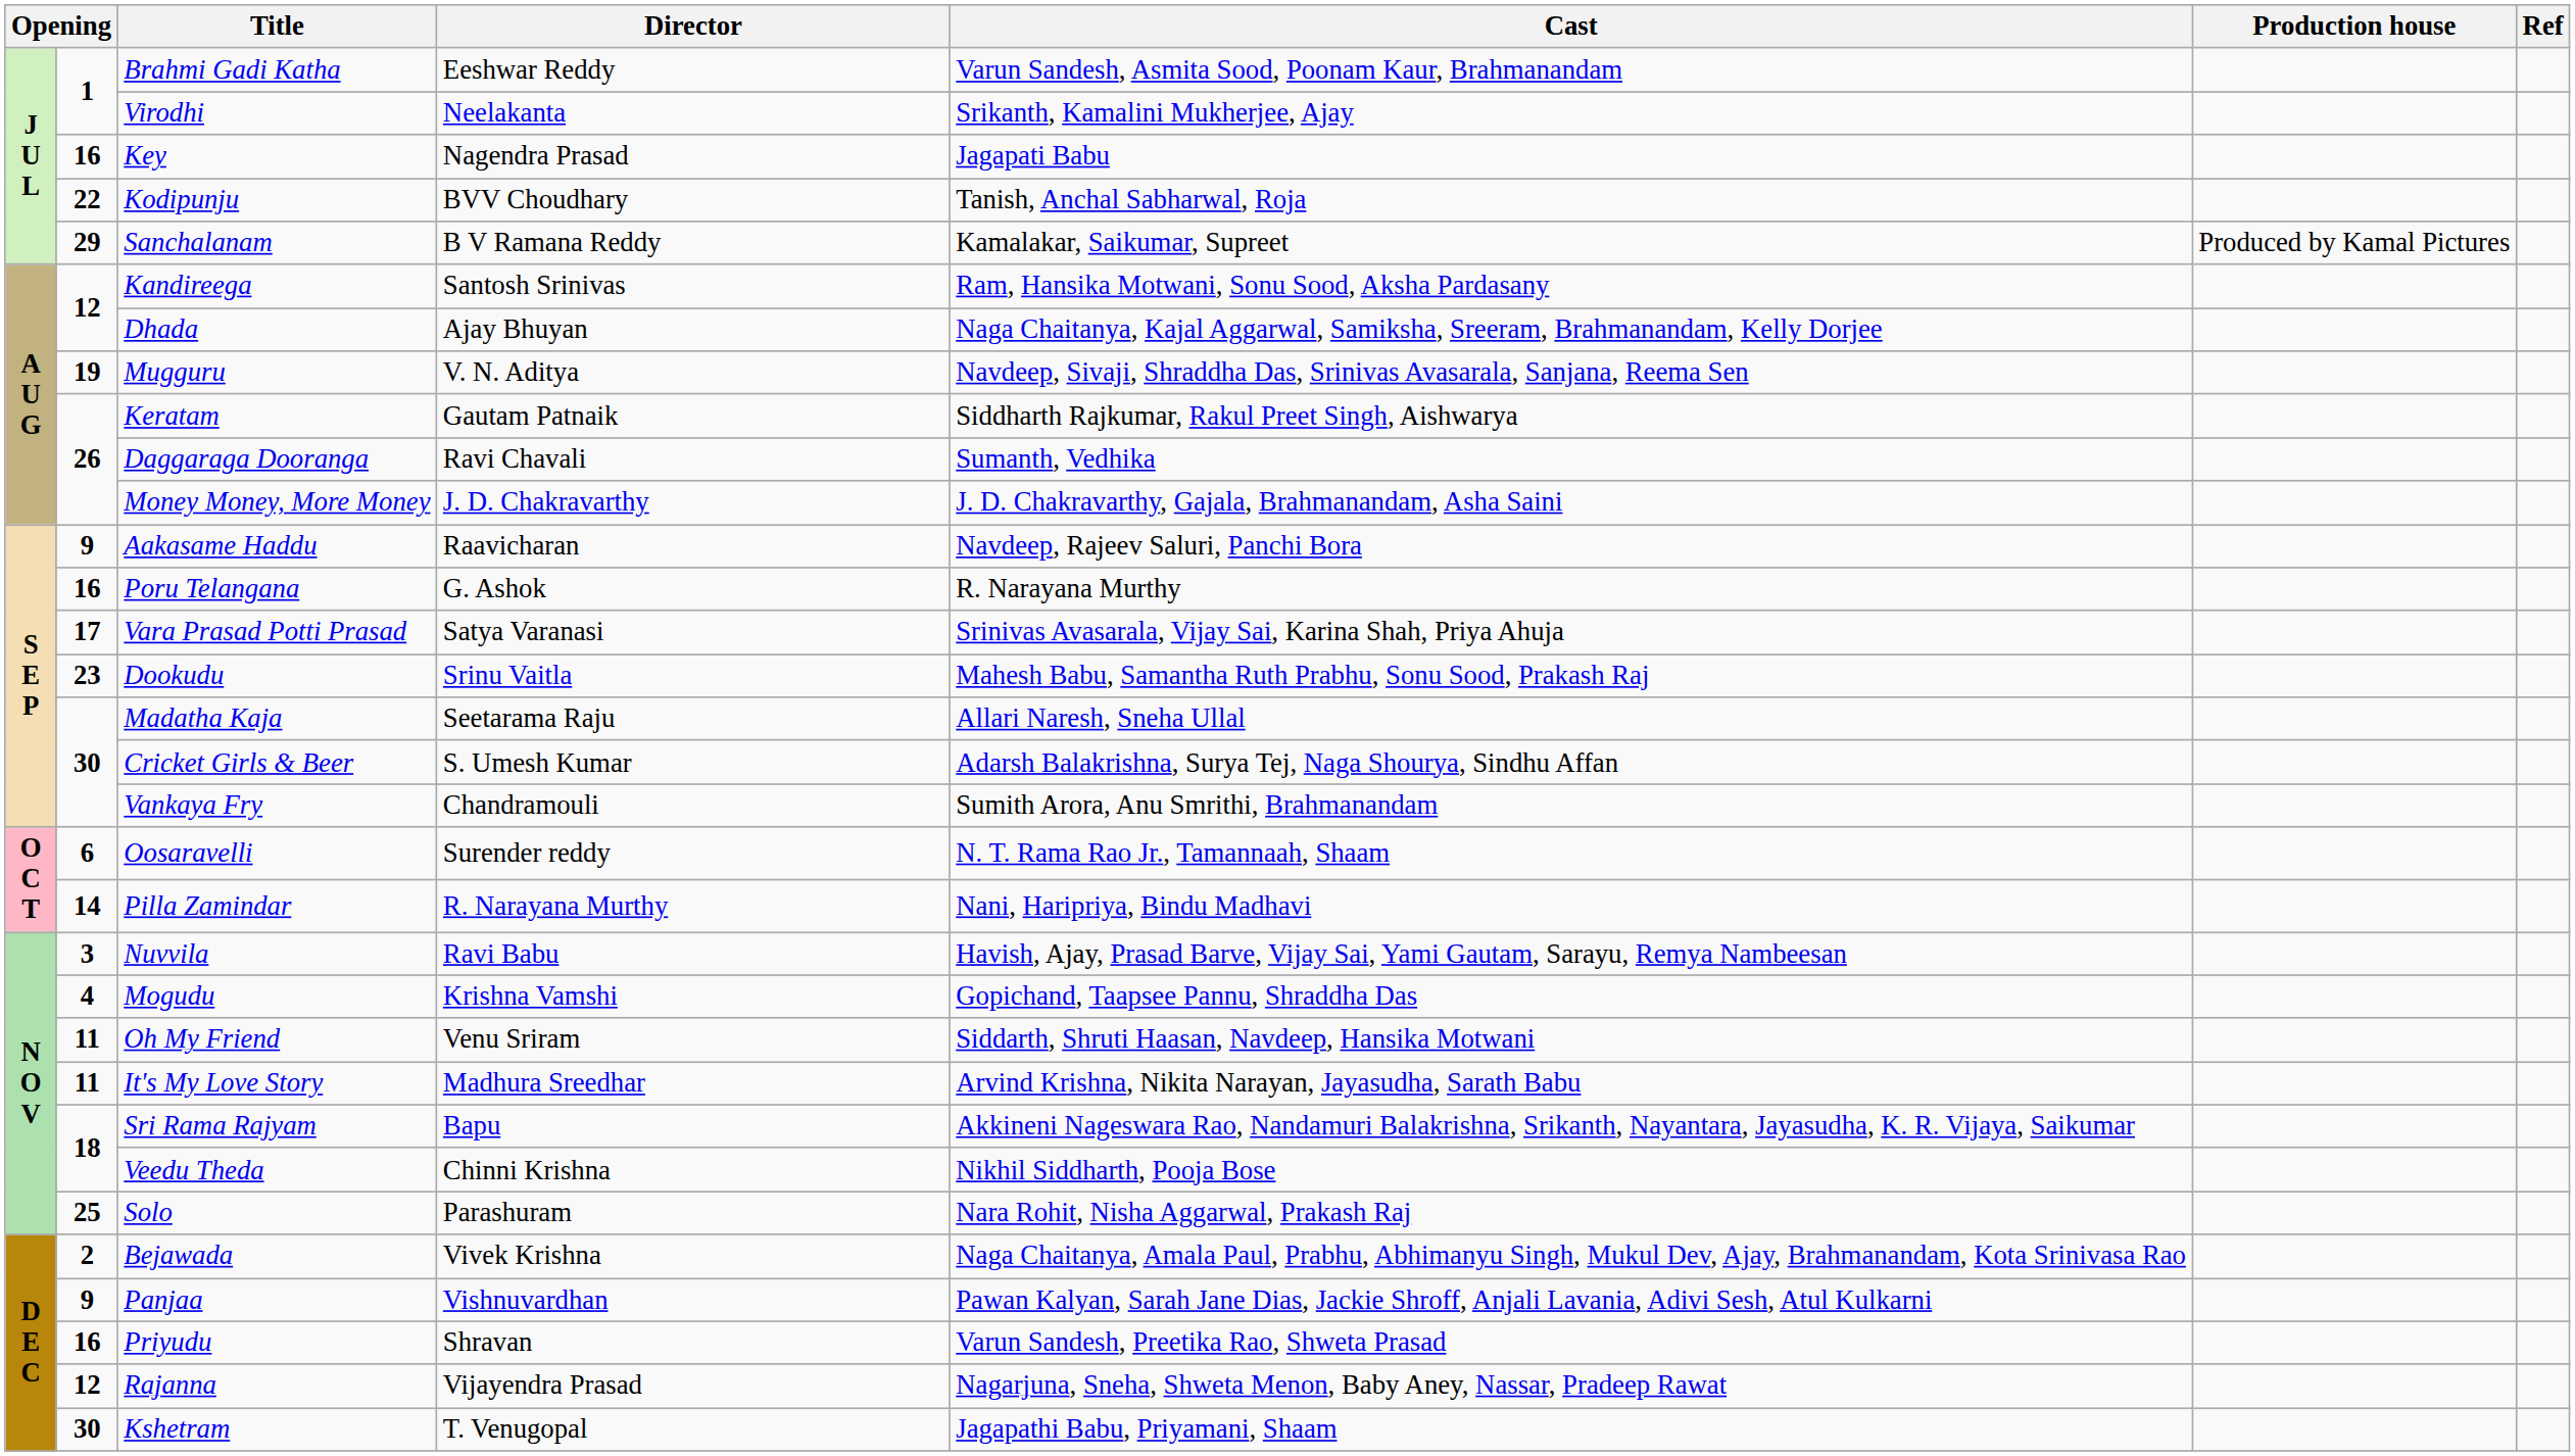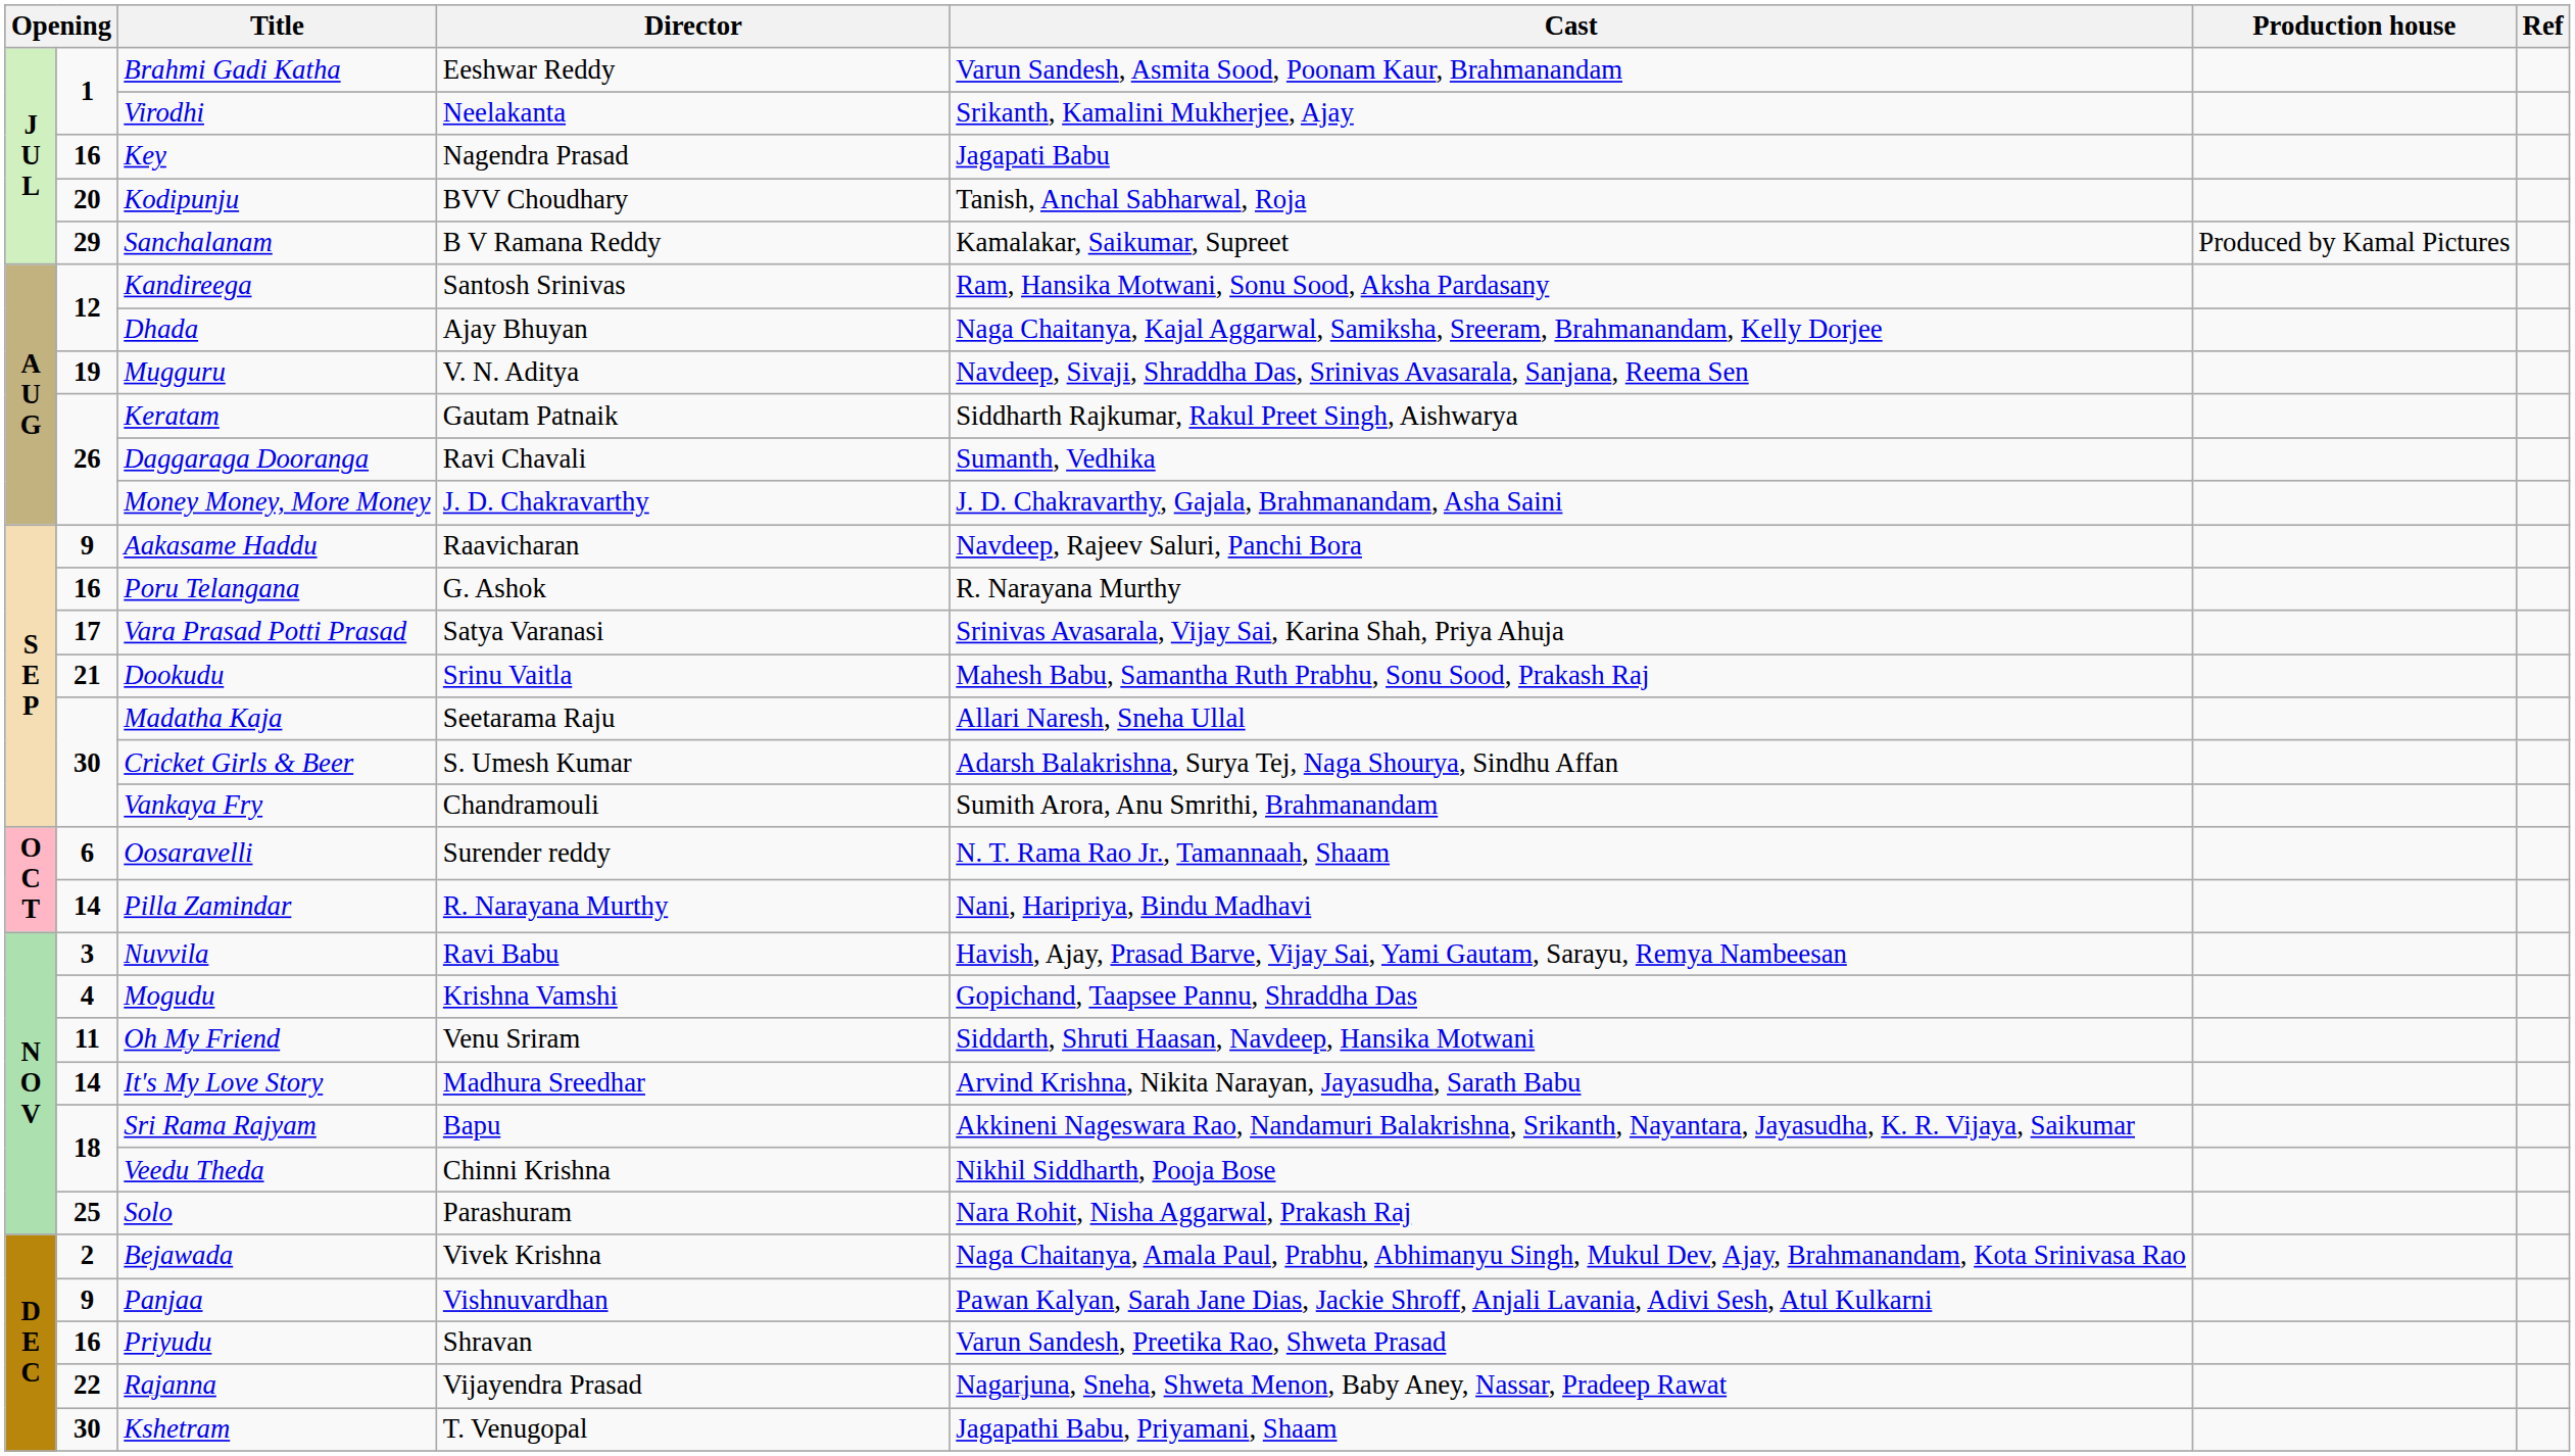 <table class="wikitable sortable">
 <tr style="background:#blue; text-align:center;">
 <th colspan="2">Opening</th>
 <th>Title</th>
 <th style="width:20%;"><strong>Director</strong></th>
 <th>Cast</th>
 <th>Production house</th>
 <th>Ref</th>
 </tr>
 <tr July!>
 <td rowspan="5" style="text-align:center; background:#d0f0c0; textcolor:#000;"><strong>J<br>U<br>L</strong></td>
 <td rowspan="2" style="text-align:center;"><strong>1</strong></td>
 <td><em><a href='#'>Brahmi Gadi Katha</a></em></td>
 <td>Eeshwar Reddy</td>
 <td><a href='#'>Varun Sandesh</a>, <a href='#'>Asmita Sood</a>, <a href='#'>Poonam Kaur</a>, <a href='#'>Brahmanandam</a></td>
 <td></td>
 <td></td>
 </tr>
 <tr>
 <td><em><a href='#'>Virodhi</a></em></td>
 <td><a href='#'>Neelakanta</a></td>
 <td><a href='#'>Srikanth</a>, <a href='#'>Kamalini Mukherjee</a>, <a href='#'>Ajay</a></td>
 <td></td>
 <td></td>
 </tr>
 <tr>
 <td style="text-align:center;"><strong>16</strong></td>
 <td><em><a href='#'>Key</a></em></td>
 <td>Nagendra Prasad</td>
 <td><a href='#'>Jagapati Babu</a></td>
 <td></td>
 <td></td>
 </tr>
 <tr>
-<td style="text-align:center;"><strong>22</strong></td>
+<td style="text-align:center;"><strong>20</strong></td>
 <td><em><a href='#'>Kodipunju</a></em></td>
 <td>BVV Choudhary</td>
 <td>Tanish, <a href='#'>Anchal Sabharwal</a>, <a href='#'>Roja</a></td>
 <td></td>
 <td></td>
 </tr>
 <tr>
 <td style="text-align:center;"><strong>29</strong></td>
 <td><em><a href='#'>Sanchalanam</a></em></td>
 <td>B V Ramana Reddy</td>
 <td>Kamalakar, <a href='#'>Saikumar</a>, Supreet</td>
 <td>Produced by Kamal Pictures</td>
 <td></td>
 </tr>
 <tr August!>
 <td rowspan="6" style="text-align:center; background:#c2b280; textcolor:#000;"><strong>A<br>U<br>G</strong></td>
 <td rowspan="2" style="text-align:center;"><strong>12</strong></td>
 <td><em><a href='#'>Kandireega</a></em></td>
 <td>Santosh Srinivas</td>
 <td><a href='#'>Ram</a>, <a href='#'>Hansika Motwani</a>, <a href='#'>Sonu Sood</a>, <a href='#'>Aksha Pardasany</a></td>
 <td></td>
 <td></td>
 </tr>
 <tr>
 <td><em><a href='#'>Dhada</a></em></td>
 <td>Ajay Bhuyan</td>
 <td><a href='#'>Naga Chaitanya</a>, <a href='#'>Kajal Aggarwal</a>, <a href='#'>Samiksha</a>, <a href='#'>Sreeram</a>, <a href='#'>Brahmanandam</a>, <a href='#'>Kelly Dorjee</a></td>
 <td></td>
 <td></td>
 </tr>
 <tr>
 <td style="text-align:center;"><strong>19</strong></td>
 <td><em><a href='#'>Mugguru</a></em></td>
 <td>V. N. Aditya</td>
 <td><a href='#'>Navdeep</a>, <a href='#'>Sivaji</a>, <a href='#'>Shraddha Das</a>, <a href='#'>Srinivas Avasarala</a>, <a href='#'>Sanjana</a>, <a href='#'>Reema Sen</a></td>
 <td></td>
 <td></td>
 </tr>
 <tr>
 <td rowspan="3" style="text-align:center;"><strong>26</strong></td>
 <td><em><a href='#'>Keratam</a></em></td>
 <td>Gautam Patnaik</td>
 <td>Siddharth Rajkumar, <a href='#'>Rakul Preet Singh</a>, Aishwarya</td>
 <td></td>
 <td></td>
 </tr>
 <tr>
 <td><em><a href='#'>Daggaraga Dooranga</a></em></td>
 <td>Ravi Chavali</td>
 <td><a href='#'>Sumanth</a>, <a href='#'>Vedhika</a></td>
 <td></td>
 <td></td>
 </tr>
 <tr>
 <td><em><a href='#'>Money Money, More Money</a></em></td>
 <td><a href='#'>J. D. Chakravarthy</a></td>
 <td><a href='#'>J. D. Chakravarthy</a>, <a href='#'>Gajala</a>, <a href='#'>Brahmanandam</a>, <a href='#'>Asha Saini</a></td>
 <td></td>
 <td></td>
 </tr>
 <tr September!>
 <td rowspan="7" style="text-align:center; background:wheat; textcolor:#000;"><strong>S<br>E<br>P</strong></td>
 <td style="text-align:center;"><strong>9</strong></td>
 <td><em><a href='#'>Aakasame Haddu</a></em></td>
 <td>Raavicharan</td>
 <td><a href='#'>Navdeep</a>, Rajeev Saluri, <a href='#'>Panchi Bora</a></td>
 <td></td>
 <td></td>
 </tr>
 <tr>
 <td style="text-align:center;"><strong>16</strong></td>
 <td><em><a href='#'>Poru Telangana</a></em></td>
 <td>G. Ashok</td>
 <td>R. Narayana Murthy</td>
 <td></td>
 <td></td>
 </tr>
 <tr>
 <td style="text-align:center;"><strong>17</strong></td>
 <td><em><a href='#'>Vara Prasad Potti Prasad</a></em></td>
 <td>Satya Varanasi</td>
 <td><a href='#'>Srinivas Avasarala</a>, <a href='#'>Vijay Sai</a>, Karina Shah, Priya Ahuja</td>
 <td></td>
 <td></td>
 </tr>
 <tr>
-<td style="text-align:center;"><strong>23</strong></td>
+<td style="text-align:center;"><strong>21</strong></td>
 <td><em><a href='#'>Dookudu</a></em></td>
 <td><a href='#'>Srinu Vaitla</a></td>
 <td><a href='#'>Mahesh Babu</a>, <a href='#'>Samantha Ruth Prabhu</a>, <a href='#'>Sonu Sood</a>, <a href='#'>Prakash Raj</a></td>
 <td></td>
 <td></td>
 </tr>
 <tr>
 <td rowspan="3" style="text-align:center;"><strong>30</strong></td>
 <td><em><a href='#'>Madatha Kaja</a></em></td>
 <td>Seetarama Raju</td>
 <td><a href='#'>Allari Naresh</a>, <a href='#'>Sneha Ullal</a></td>
 <td></td>
 <td></td>
 </tr>
 <tr>
 <td><em><a href='#'>Cricket Girls & Beer</a></em></td>
 <td>S. Umesh Kumar</td>
 <td><a href='#'>Adarsh Balakrishna</a>, Surya Tej, <a href='#'>Naga Shourya</a>, Sindhu Affan</td>
 <td></td>
 <td></td>
 </tr>
 <tr>
 <td><em><a href='#'>Vankaya Fry</a></em></td>
 <td>Chandramouli</td>
 <td>Sumith Arora, Anu Smrithi, <a href='#'>Brahmanandam</a></td>
 <td></td>
 <td></td>
 </tr>
 <tr October!>
 <td rowspan="2" style="text-align:center; background:#ffb7c5; textcolor:#000;"><strong>O<br>C<br>T</strong></td>
 <td style="text-align:center;"><strong>6</strong></td>
 <td><em><a href='#'>Oosaravelli</a></em></td>
 <td>Surender reddy</td>
 <td><a href='#'>N. T. Rama Rao Jr.</a>, <a href='#'>Tamannaah</a>, <a href='#'>Shaam</a></td>
 <td></td>
 <td></td>
 </tr>
 <tr>
 <td style="text-align:center;"><strong>14</strong></td>
 <td><em><a href='#'>Pilla Zamindar</a></em></td>
 <td><a href='#'>R. Narayana Murthy</a></td>
 <td><a href='#'>Nani</a>, <a href='#'>Haripriya</a>, <a href='#'>Bindu Madhavi</a></td>
 <td></td>
 <td></td>
 </tr>
 <tr November!>
 <td rowspan="7" style="text-align:center; background:#ace1af; textcolor:#000;"><strong>N<br>O<br>V</strong></td>
 <td style="text-align:center;"><strong>3</strong></td>
 <td><em><a href='#'>Nuvvila</a></em></td>
 <td><a href='#'>Ravi Babu</a></td>
 <td><a href='#'>Havish</a>, Ajay, <a href='#'>Prasad Barve</a>, <a href='#'>Vijay Sai</a>, <a href='#'>Yami Gautam</a>, Sarayu, <a href='#'>Remya Nambeesan</a></td>
 <td></td>
 <td></td>
 </tr>
 <tr>
 <td style="text-align:center;"><strong>4</strong></td>
 <td><em> <a href='#'>Mogudu</a></em></td>
 <td><a href='#'>Krishna Vamshi</a></td>
 <td><a href='#'>Gopichand</a>, <a href='#'>Taapsee Pannu</a>, <a href='#'>Shraddha Das</a></td>
 <td></td>
 <td></td>
 </tr>
 <tr>
 <td style="text-align:center;"><strong>11</strong></td>
 <td><em><a href='#'>Oh My Friend</a></em></td>
 <td>Venu Sriram</td>
 <td><a href='#'>Siddarth</a>, <a href='#'>Shruti Haasan</a>, <a href='#'>Navdeep</a>, <a href='#'>Hansika Motwani</a></td>
 <td></td>
 <td></td>
 </tr>
 <tr>
-<td style="text-align:center;"><strong>11</strong></td>
+<td style="text-align:center;"><strong>14</strong></td>
 <td><em><a href='#'>It's My Love Story</a></em></td>
 <td><a href='#'>Madhura Sreedhar</a></td>
 <td><a href='#'>Arvind Krishna</a>, Nikita Narayan, <a href='#'>Jayasudha</a>, <a href='#'>Sarath Babu</a></td>
 <td></td>
 <td></td>
 </tr>
 <tr>
 <td rowspan="2" style="text-align:center;"><strong>18</strong></td>
 <td><em><a href='#'>Sri Rama Rajyam</a></em></td>
 <td><a href='#'>Bapu</a></td>
 <td><a href='#'>Akkineni Nageswara Rao</a>, <a href='#'>Nandamuri Balakrishna</a>, <a href='#'>Srikanth</a>, <a href='#'>Nayantara</a>, <a href='#'>Jayasudha</a>, <a href='#'>K. R. Vijaya</a>, <a href='#'>Saikumar</a></td>
 <td></td>
 <td></td>
 </tr>
 <tr>
 <td><em><a href='#'>Veedu Theda</a></em></td>
 <td>Chinni Krishna</td>
 <td><a href='#'>Nikhil Siddharth</a>, <a href='#'>Pooja Bose</a></td>
 <td></td>
 <td></td>
 </tr>
 <tr>
 <td style="text-align:center;"><strong>25</strong></td>
 <td><em><a href='#'>Solo</a></em></td>
 <td>Parashuram</td>
 <td><a href='#'>Nara Rohit</a>, <a href='#'>Nisha Aggarwal</a>, <a href='#'>Prakash Raj</a></td>
 <td></td>
 <td></td>
 </tr>
 <tr December!>
 <td rowspan="9" style="text-align:center; background:#b8860b; textcolor:#000;"><strong>D<br>E<br>C</strong></td>
 <td style="text-align:center;"><strong>2</strong></td>
 <td><em><a href='#'>Bejawada</a></em></td>
 <td>Vivek Krishna</td>
 <td><a href='#'>Naga Chaitanya</a>, <a href='#'>Amala Paul</a>, <a href='#'>Prabhu</a>, <a href='#'>Abhimanyu Singh</a>, <a href='#'>Mukul Dev</a>, <a href='#'>Ajay</a>, <a href='#'>Brahmanandam</a>, <a href='#'>Kota Srinivasa Rao</a></td>
 <td></td>
 <td></td>
 </tr>
 <tr>
 <td style="text-align:center;"><strong>9</strong></td>
 <td><em><a href='#'>Panjaa</a></em></td>
 <td><a href='#'>Vishnuvardhan</a></td>
 <td><a href='#'>Pawan Kalyan</a>, <a href='#'>Sarah Jane Dias</a>, <a href='#'>Jackie Shroff</a>, <a href='#'>Anjali Lavania</a>, <a href='#'>Adivi Sesh</a>, <a href='#'>Atul Kulkarni</a></td>
 <td></td>
 <td></td>
 </tr>
 <tr>
 <td style="text-align:center;"><strong>16</strong></td>
 <td><em><a href='#'>Priyudu</a></em></td>
 <td>Shravan</td>
 <td><a href='#'>Varun Sandesh</a>, <a href='#'>Preetika Rao</a>, <a href='#'>Shweta Prasad</a></td>
 <td></td>
 <td></td>
 </tr>
 <tr>
-<td style="text-align:center;"><strong>12</strong></td>
+<td style="text-align:center;"><strong>22</strong></td>
 <td><em><a href='#'>Rajanna</a></em></td>
 <td>Vijayendra Prasad</td>
 <td><a href='#'>Nagarjuna</a>, <a href='#'>Sneha</a>, <a href='#'>Shweta Menon</a>, Baby Aney, <a href='#'>Nassar</a>, <a href='#'>Pradeep Rawat</a></td>
 <td></td>
 <td></td>
 </tr>
 <tr>
 <td style="text-align:center;"><strong>30</strong></td>
 <td><em><a href='#'>Kshetram</a></em></td>
 <td>T. Venugopal</td>
 <td><a href='#'>Jagapathi Babu</a>, <a href='#'>Priyamani</a>, <a href='#'>Shaam</a></td>
 <td></td>
 <td></td>
 </tr>
 </table>
